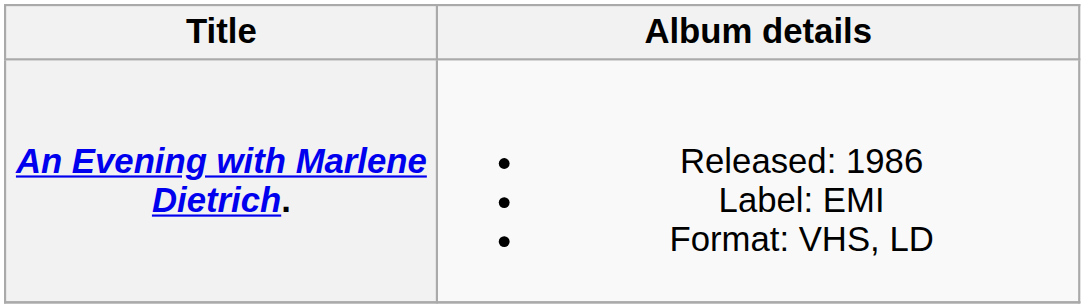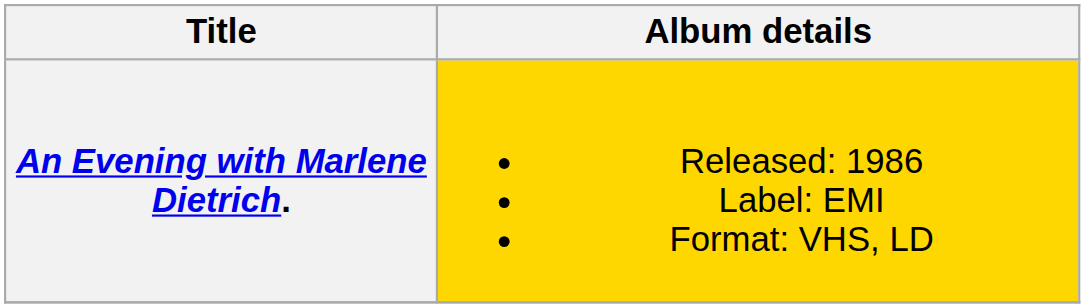 <table class="wikitable plainrowheaders" style="text-align:center;">
 <tr>
 <th scope="col" style="width:12em;">Title</th>
 <th scope="col" style="width:18em;">Album details</th>
 </tr>
 <tr>
 <th scope="row"><em><a href='#'>An Evening with Marlene Dietrich</a></em>.</th>
-<td><br><ul><li>Released: 1986</li><li>Label: EMI</li><li>Format: VHS, LD</li></ul></td>
+<td style="background: gold;"><br><ul><li>Released: 1986</li><li>Label: EMI</li><li>Format: VHS, LD</li></ul></td>
 </tr>
 <tr>
 </tr>
 </table>
